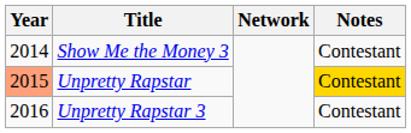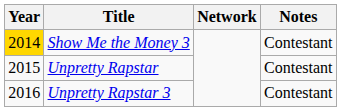 <table class="wikitable">
 <tr>
 <th>Year</th>
 <th>Title</th>
 <th>Network</th>
 <th>Notes</th>
 </tr>
 <tr>
-<td>2014</td>
+<td style="background: gold;">2014</td>
 <td><em><a href='#'>Show Me the Money 3</a></em></td>
 <td rowspan=3></td>
 <td>Contestant</td>
 </tr>
 <tr>
-<td style="background: lightsalmon;">2015</td>
+<td>2015</td>
 <td><em><a href='#'>Unpretty Rapstar</a></em></td>
-<td style="background: gold;">Contestant</td>
+<td>Contestant</td>
 </tr>
 <tr>
 <td>2016</td>
 <td><em><a href='#'>Unpretty Rapstar 3</a></em></td>
 <td>Contestant</td>
 </tr>
 <tr>
 </tr>
 </table>
